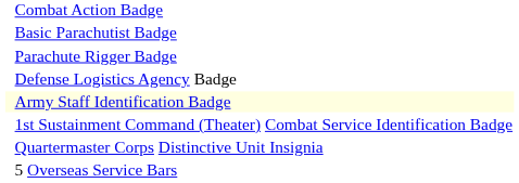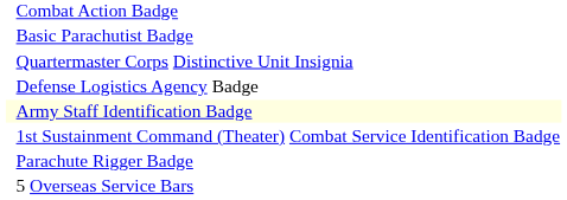 <table>
 <tr>
 <td>  <a href='#'>Combat Action Badge</a></td>
 </tr>
 <tr>
 <td>  <a href='#'>Basic Parachutist Badge</a></td>
 </tr>
 <tr>
-<td>  <a href='#'>Parachute Rigger Badge</a></td>
+<td>  <a href='#'>Quartermaster Corps</a> <a href='#'>Distinctive Unit Insignia</a></td>
 </tr>
 <tr>
 <td>  <a href='#'>Defense Logistics Agency</a> Badge</td>
 </tr>
 <tr>
 <td style="background: lightyellow;">  <a href='#'>Army Staff Identification Badge</a></td>
 </tr>
 <tr>
 <td>  <a href='#'>1st Sustainment Command (Theater)</a> <a href='#'>Combat Service Identification Badge</a></td>
 </tr>
 <tr>
-<td>  <a href='#'>Quartermaster Corps</a> <a href='#'>Distinctive Unit Insignia</a></td>
+<td>  <a href='#'>Parachute Rigger Badge</a></td>
 </tr>
 <tr>
 <td>  5 <a href='#'>Overseas Service Bars</a></td>
 </tr>
 </table>
